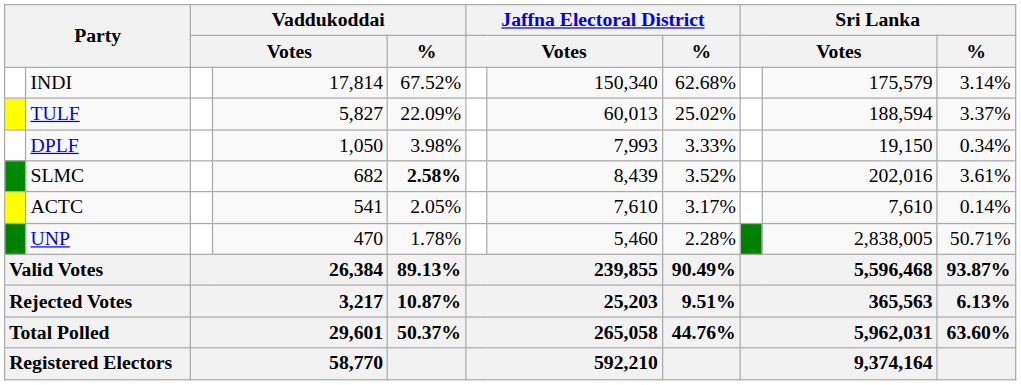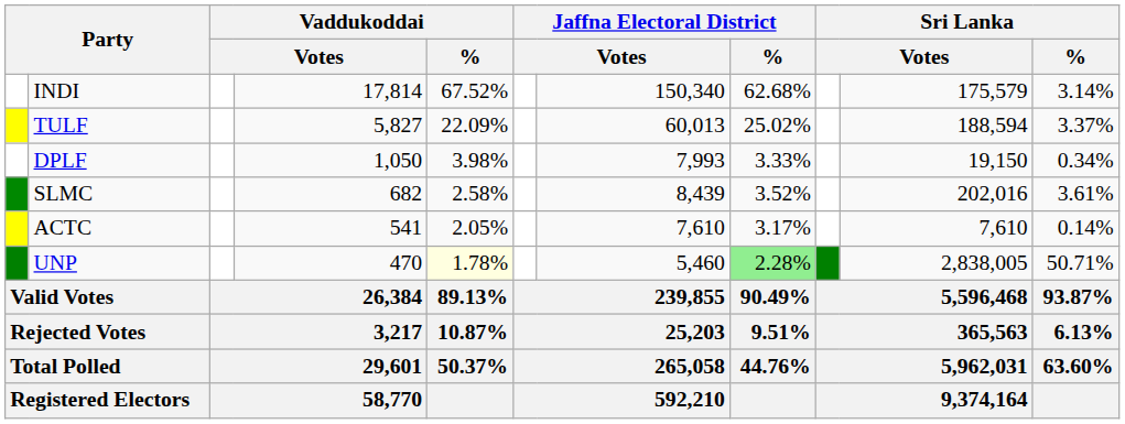 <table class="wikitable">
 <tr>
 <th colspan="2" width="144px"rowspan="2">Party</th>
 <th colspan="3" width="216px">Vaddukoddai</th>
 <th colspan="3" width="216px"><a href='#'>Jaffna Electoral District</a></th>
 <th colspan="3" width="216px">Sri Lanka</th>
 </tr>
 <tr>
 <th colspan="2" width="144px">Votes</th>
 <th>%</th>
 <th colspan="2" width="144px">Votes</th>
 <th>%</th>
 <th colspan="2" width="144px">Votes</th>
 <th>%</th>
 </tr>
 <tr>
 <td style="background-color:white;" width="10px"></td>
 <td style="text-align:left;">INDI</td>
 <td style="background-color:white;" width="10px"></td>
 <td style="text-align:right;">17,814</td>
 <td style="text-align:right;">67.52%</td>
 <td style="background-color:white;" width="10px"></td>
 <td style="text-align:right;">150,340</td>
 <td style="text-align:right;">62.68%</td>
 <td style="background-color:white;" width="10px"></td>
 <td style="text-align:right;">175,579</td>
 <td style="text-align:right;">3.14%</td>
 </tr>
 <tr>
 <td style="background-color:yellow;" width="10px"></td>
 <td style="text-align:left;"><a href='#'>TULF</a></td>
 <td style="background-color:white;" width="10px"></td>
 <td style="text-align:right;">5,827</td>
 <td style="text-align:right;">22.09%</td>
 <td style="background-color:white;" width="10px"></td>
 <td style="text-align:right;">60,013</td>
 <td style="text-align:right;">25.02%</td>
 <td style="background-color:white;" width="10px"></td>
 <td style="text-align:right;">188,594</td>
 <td style="text-align:right;">3.37%</td>
 </tr>
 <tr>
 <td style="background-color:white;" width="10px"></td>
 <td style="text-align:left;"><a href='#'>DPLF</a></td>
 <td style="background-color:white;" width="10px"></td>
 <td style="text-align:right;">1,050</td>
 <td style="text-align:right;">3.98%</td>
 <td style="background-color:white;" width="10px"></td>
 <td style="text-align:right;">7,993</td>
 <td style="text-align:right;">3.33%</td>
 <td style="background-color:white;" width="10px"></td>
 <td style="text-align:right;">19,150</td>
 <td style="text-align:right;">0.34%</td>
 </tr>
 <tr>
 <td style="background-color:#008800;" width="10px"></td>
 <td style="text-align:left;">SLMC</td>
 <td style="background-color:white;" width="10px"></td>
 <td style="text-align:right;">682</td>
-<td style="text-align:right;"><strong>2.58%</strong></td>
+<td style="text-align:right;">2.58%</td>
 <td style="background-color:white;" width="10px"></td>
 <td style="text-align:right;">8,439</td>
 <td style="text-align:right;">3.52%</td>
 <td style="background-color:white;" width="10px"></td>
 <td style="text-align:right;">202,016</td>
 <td style="text-align:right;">3.61%</td>
 </tr>
 <tr>
 <td style="background-color:yellow;" width="10px"></td>
 <td style="text-align:left;">ACTC</td>
 <td style="background-color:white;" width="10px"></td>
 <td style="text-align:right;">541</td>
 <td style="text-align:right;">2.05%</td>
 <td style="background-color:white;" width="10px"></td>
 <td style="text-align:right;">7,610</td>
 <td style="text-align:right;">3.17%</td>
 <td style="background-color:white;" width="10px"></td>
 <td style="text-align:right;">7,610</td>
 <td style="text-align:right;">0.14%</td>
 </tr>
 <tr>
 <td style="background-color:green;" width="10px"></td>
 <td style="text-align:left;"><a href='#'>UNP</a></td>
 <td style="background-color:white;" width="10px"></td>
 <td style="text-align:right;">470</td>
-<td style="text-align:right;">1.78%</td>
+<td style="background: lightyellow; text-align:right;">1.78%</td>
 <td style="background-color:white;" width="10px"></td>
 <td style="text-align:right;">5,460</td>
-<td style="text-align:right;">2.28%</td>
+<td style="background: lightgreen; text-align:right;">2.28%</td>
 <td style="background-color:green;" width="10px"></td>
 <td style="text-align:right;">2,838,005</td>
 <td style="text-align:right;">50.71%</td>
 </tr>
 <tr>
 <th colspan="2" width="144px"style="text-align:left;">Valid Votes</th>
 <th style="text-align:right;"colspan="2" width="144px">26,384</th>
 <th style="text-align:right;">89.13%</th>
 <th style="text-align:right;"colspan="2" width="144px">239,855</th>
 <th style="text-align:right;">90.49%</th>
 <th style="text-align:right;"colspan="2" width="144px">5,596,468</th>
 <th style="text-align:right;">93.87%</th>
 </tr>
 <tr>
 <th colspan="2" width="144px"style="text-align:left;">Rejected Votes</th>
 <th style="text-align:right;"colspan="2" width="144px">3,217</th>
 <th style="text-align:right;">10.87%</th>
 <th style="text-align:right;"colspan="2" width="144px">25,203</th>
 <th style="text-align:right;">9.51%</th>
 <th style="text-align:right;"colspan="2" width="144px">365,563</th>
 <th style="text-align:right;">6.13%</th>
 </tr>
 <tr>
 <th colspan="2" width="144px"style="text-align:left;">Total Polled</th>
 <th style="text-align:right;"colspan="2" width="144px">29,601</th>
 <th style="text-align:right;">50.37%</th>
 <th style="text-align:right;"colspan="2" width="144px">265,058</th>
 <th style="text-align:right;">44.76%</th>
 <th style="text-align:right;"colspan="2" width="144px">5,962,031</th>
 <th style="text-align:right;">63.60%</th>
 </tr>
 <tr>
 <th colspan="2" width="144px"style="text-align:left;">Registered Electors</th>
 <th style="text-align:right;"colspan="2" width="144px">58,770</th>
 <th></th>
 <th style="text-align:right;"colspan="2" width="144px">592,210</th>
 <th></th>
 <th style="text-align:right;"colspan="2" width="144px">9,374,164</th>
 <th></th>
 </tr>
 </table>
